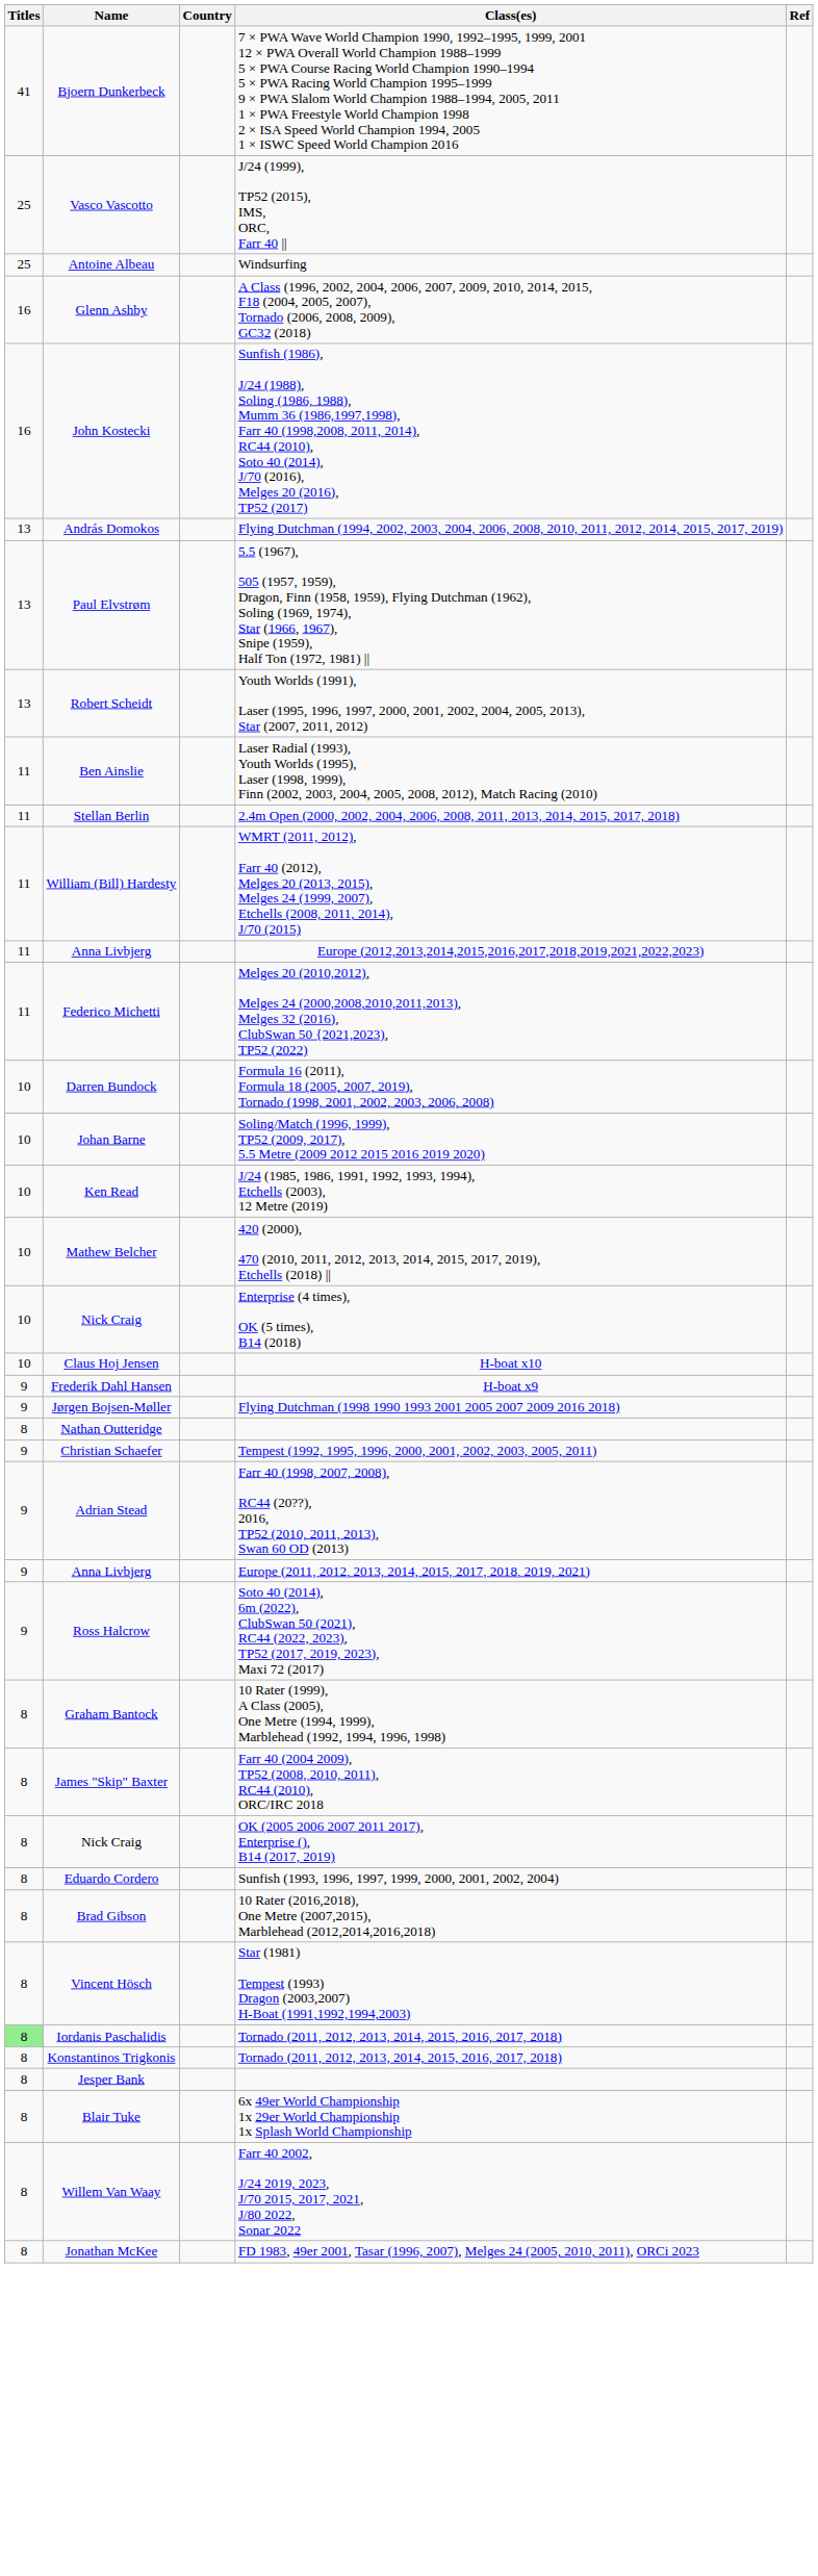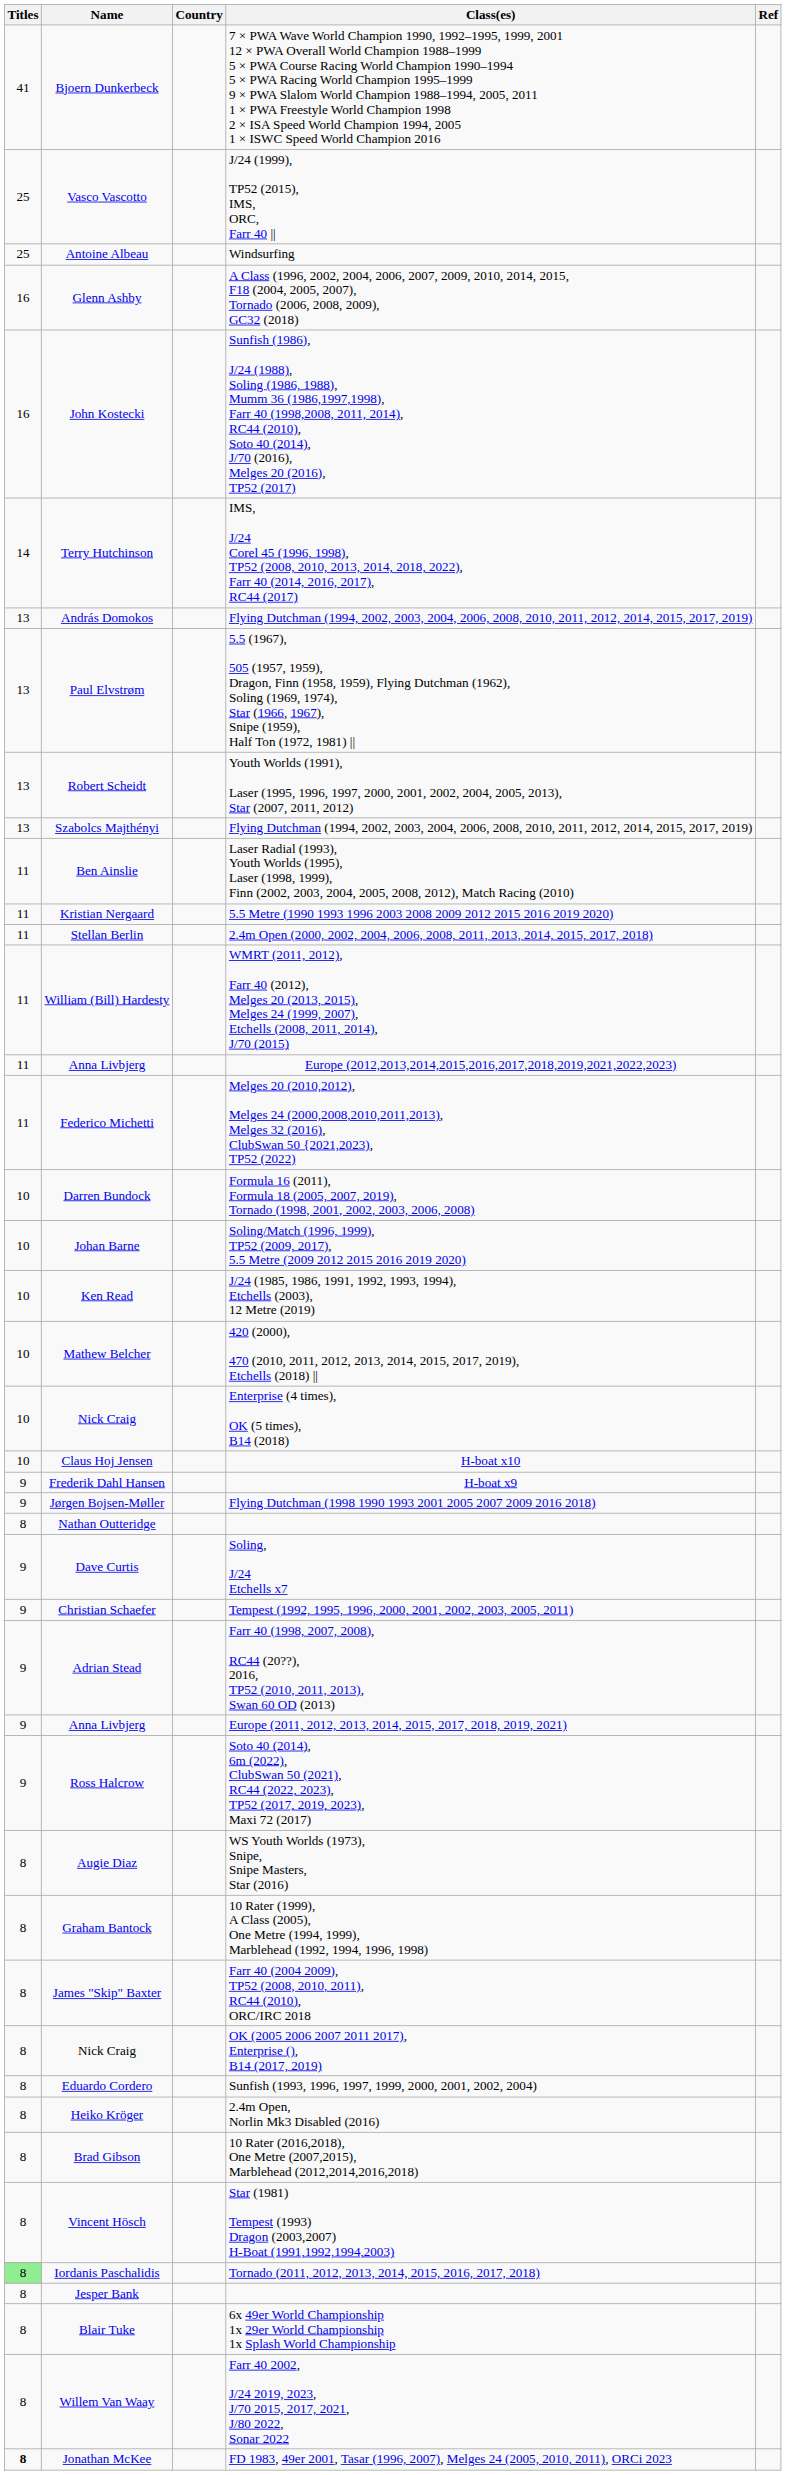 <table class="wikitable sortable" style="text-align:center;">
 <tr>
 <th>Titles</th>
 <th>Name</th>
 <th>Country</th>
 <th>Class(es)</th>
 <th>Ref</th>
 </tr>
 <tr>
 <td>41</td>
 <td><a href='#'>Bjoern Dunkerbeck</a></td>
 <td></td>
 <td align=left>7 × PWA Wave World Champion 1990, 1992–1995, 1999, 2001<br>12 × PWA Overall World Champion 1988–1999<br>5 × PWA Course Racing World Champion 1990–1994<br>5 × PWA Racing World Champion 1995–1999<br>9 × PWA Slalom World Champion 1988–1994, 2005, 2011<br>1 × PWA Freestyle World Champion 1998<br>2 × ISA Speed World Champion 1994, 2005<br>1 × ISWC Speed World Champion 2016</td>
 <td></td>
 </tr>
 <tr>
 <td>25</td>
 <td><a href='#'>Vasco Vascotto</a></td>
 <td></td>
 <td align=left>J/24 (1999),<br><br>TP52 (2015),<br> IMS,<br> ORC,<br> <a href='#'>Farr 40</a> || </td>
 </tr>
 <tr>
 <td>25</td>
 <td><a href='#'>Antoine Albeau</a></td>
 <td></td>
 <td align=left>Windsurfing</td>
 <td></td>
 </tr>
 <tr>
 <td>16</td>
 <td><a href='#'>Glenn Ashby</a></td>
 <td></td>
 <td align=left><a href='#'>A Class</a> (1996, 2002, 2004, 2006, 2007, 2009, 2010, 2014, 2015,<br><a href='#'>F18</a> (2004, 2005, 2007),<br><a href='#'>Tornado</a> (2006, 2008, 2009),<br><a href='#'>GC32</a> (2018)</td>
 <td></td>
 </tr>
 <tr>
 <td>16</td>
 <td><a href='#'>John Kostecki</a></td>
 <td></td>
 <td align=left><a href='#'>Sunfish (1986)</a>,<br><br><a href='#'>J/24 (1988)</a>,<br> <a href='#'>Soling (1986, 1988)</a>,<br> <a href='#'>Mumm 36 (1986,1997,1998)</a>,<br> <a href='#'>Farr 40 (1998,2008, 2011, 2014)</a>,<br> <a href='#'>RC44 (2010)</a>,<br> <a href='#'>Soto 40 (2014)</a>,<br> <a href='#'>J/70</a> (2016),<br> <a href='#'>Melges 20 (2016)</a>,<br> <a href='#'>TP52 (2017)</a></td>
 <td></td>
 </tr>
 <tr>
+<td>14</td>
+<td><a href='#'>Terry Hutchinson</a></td>
+<td></td>
+<td align=left>IMS,<br><br><a href='#'>J/24</a><br> <a href='#'>Corel 45 (1996, 1998)</a>,<br> <a href='#'>TP52 (2008, 2010, 2013, 2014, 2018, 2022)</a>,<br> <a href='#'>Farr 40 (2014, 2016, 2017)</a>,<br> <a href='#'>RC44 (2017)</a></td>
+<td></td>
+</tr>
+<tr>
 <td>13</td>
 <td><a href='#'>András Domokos</a></td>
 <td></td>
 <td align=left><a href='#'>Flying Dutchman (1994, 2002, 2003, 2004, 2006, 2008, 2010, 2011, 2012, 2014, 2015, 2017, 2019)</a></td>
 <td></td>
 </tr>
 <tr>
 <td>13</td>
 <td><a href='#'>Paul Elvstrøm</a></td>
 <td></td>
 <td align=left><a href='#'>5.5</a> (1967),<br><br><a href='#'>505</a> (1957, 1959),<br> Dragon,  Finn (1958, 1959),  Flying Dutchman (1962),<br> Soling (1969, 1974),<br> <a href='#'>Star</a> (<a href='#'>1966</a>, <a href='#'>1967</a>),<br>Snipe (1959),<br>Half Ton (1972, 1981) || </td>
 </tr>
 <tr>
 <td>13</td>
 <td><a href='#'>Robert Scheidt</a></td>
 <td></td>
 <td align=left>Youth Worlds (1991),<br><br>Laser (1995, 1996, 1997, 2000, 2001, 2002, 2004, 2005, 2013),<br> <a href='#'>Star</a> (2007, 2011, 2012)</td>
 <td></td>
 </tr>
 <tr>
+<td>13</td>
+<td><a href='#'>Szabolcs Majthényi</a></td>
+<td></td>
+<td align=left><a href='#'>Flying Dutchman</a> (1994, 2002, 2003, 2004, 2006, 2008, 2010, 2011, 2012, 2014, 2015, 2017, 2019)</td>
+<td></td>
+</tr>
+<tr>
 <td>11</td>
 <td><a href='#'>Ben Ainslie</a></td>
 <td></td>
 <td align=left>Laser Radial (1993),<br>Youth Worlds (1995),<br>Laser (1998, 1999),<br>Finn (2002, 2003, 2004, 2005, 2008, 2012), Match Racing (2010)</td>
+<td></td>
+</tr>
+<tr>
+<td>11</td>
+<td><a href='#'>Kristian Nergaard</a></td>
+<td></td>
+<td align=left><a href='#'>5.5 Metre (1990 1993 1996 2003 2008 2009 2012 2015 2016 2019 2020)</a></td>
 <td></td>
 </tr>
 <tr>
 <td>11</td>
 <td><a href='#'>Stellan Berlin</a></td>
 <td></td>
 <td align=left><a href='#'>2.4m Open (2000, 2002, 2004, 2006, 2008, 2011, 2013, 2014, 2015, 2017, 2018)</a></td>
 <td></td>
 </tr>
 <tr>
 <td>11</td>
 <td><a href='#'>William (Bill) Hardesty</a></td>
 <td></td>
 <td align=left><a href='#'>WMRT (2011, 2012)</a>,<br><br><a href='#'>Farr 40</a> (2012),<br> <a href='#'>Melges 20 (2013, 2015)</a>,<br> <a href='#'>Melges 24 (1999, 2007)</a>,<br> <a href='#'>Etchells (2008, 2011, 2014)</a>,<br> <a href='#'>J/70 (2015)</a></td>
 <td></td>
 </tr>
 <tr>
 <td>11</td>
 <td><a href='#'>Anna Livbjerg</a></td>
 <td></td>
 <td><a href='#'>Europe (2012,2013,2014,2015,2016,2017,2018,2019,2021,2022,2023)</a></td>
 <td></td>
 </tr>
 <tr>
 <td>11</td>
 <td><a href='#'>Federico Michetti</a></td>
 <td></td>
 <td align=left><a href='#'>Melges 20 (2010,2012)</a>,<br><br><a href='#'>Melges 24 (2000,2008,2010,2011,2013)</a>,<br> <a href='#'>Melges 32 (2016)</a>,<br> <a href='#'>ClubSwan 50 {2021,2023)</a>,<br> <a href='#'>TP52 (2022)</a></td>
 <td></td>
 </tr>
 <tr>
 <td>10</td>
 <td><a href='#'>Darren Bundock</a></td>
 <td></td>
 <td align=left><a href='#'>Formula 16</a> (2011),<br><a href='#'>Formula 18 (2005, 2007, 2019)</a>,<br><a href='#'>Tornado (1998, 2001, 2002, 2003, 2006, 2008)</a></td>
 <td></td>
 </tr>
 <tr>
 <td>10</td>
 <td><a href='#'>Johan Barne</a></td>
 <td></td>
 <td align=left><a href='#'>Soling/Match (1996, 1999)</a>,<br><a href='#'>TP52 (2009, 2017)</a>,<br><a href='#'>5.5 Metre (2009 2012 2015 2016 2019 2020)</a></td>
 <td></td>
 </tr>
 <tr>
 <td>10</td>
 <td><a href='#'>Ken Read</a></td>
 <td></td>
 <td align=left><a href='#'>J/24</a> (1985, 1986, 1991, 1992, 1993, 1994),<br><a href='#'>Etchells</a> (2003),<br>12 Metre (2019)</td>
 <td></td>
 </tr>
 <tr>
 <td>10</td>
 <td><a href='#'>Mathew Belcher</a></td>
 <td></td>
 <td align=left><a href='#'>420</a> (2000),<br><br><a href='#'>470</a> (2010, 2011, 2012, 2013, 2014, 2015, 2017, 2019),<br> <a href='#'>Etchells</a> (2018) || </td>
 </tr>
 <tr>
 <td>10</td>
 <td><a href='#'>Nick Craig</a></td>
 <td></td>
 <td align=left><a href='#'>Enterprise</a> (4 times),<br><br><a href='#'>OK</a> (5 times),<br> <a href='#'>B14</a> (2018)</td>
 <td></td>
 </tr>
 <tr>
 <td>10</td>
 <td><a href='#'>Claus Hoj Jensen</a></td>
 <td></td>
 <td><a href='#'>H-boat x10</a></td>
 <td></td>
 </tr>
 <tr>
 <td>9</td>
 <td><a href='#'>Frederik Dahl Hansen</a></td>
 <td></td>
 <td><a href='#'>H-boat x9</a></td>
 <td></td>
 </tr>
 <tr>
 <td>9</td>
 <td><a href='#'>Jørgen Bojsen-Møller</a></td>
 <td></td>
 <td align=left><a href='#'>Flying Dutchman (1998 1990 1993 2001 2005 2007 2009 2016 2018)</a></td>
 <td></td>
 </tr>
 <tr>
 <td>8</td>
 <td><a href='#'>Nathan Outteridge</a></td>
 <td></td>
 <td></td>
 <td></td>
 </tr>
 <tr>
 <td>9</td>
+<td><a href='#'>Dave Curtis</a></td>
+<td></td>
+<td align=left><a href='#'>Soling</a>,<br><br><a href='#'>J/24</a><br> <a href='#'>Etchells x7</a></td>
+<td></td>
+</tr>
+<tr>
+<td>9</td>
 <td><a href='#'>Christian Schaefer</a></td>
 <td></td>
 <td align=left><a href='#'>Tempest (1992, 1995, 1996, 2000, 2001, 2002, 2003, 2005, 2011)</a></td>
 <td></td>
 </tr>
 <tr>
 <td>9</td>
 <td><a href='#'>Adrian Stead</a></td>
 <td></td>
 <td align=left><a href='#'>Farr 40 (1998, 2007, 2008)</a>,<br><br><a href='#'>RC44</a> (20??),<br>2016,<br> <a href='#'>TP52 (2010, 2011, 2013)</a>,<br> <a href='#'>Swan 60 OD</a> (2013)</td>
 <td></td>
 </tr>
 <tr>
 <td>9</td>
 <td><a href='#'>Anna Livbjerg</a></td>
 <td></td>
 <td align=left><a href='#'>Europe (2011, 2012, 2013, 2014, 2015, 2017, 2018, 2019, 2021)</a></td>
 <td></td>
 </tr>
 <tr>
 <td>9</td>
 <td><a href='#'>Ross Halcrow</a></td>
 <td></td>
 <td align=left><a href='#'>Soto 40 (2014)</a>,<br> <a href='#'>6m (2022)</a>,<br> <a href='#'>ClubSwan 50 (2021)</a>,<br> <a href='#'>RC44 (2022, 2023)</a>,<br> <a href='#'>TP52 (2017, 2019, 2023)</a>,<br> Maxi 72 (2017)</td>
+<td></td>
+</tr>
+<tr>
+<td>8</td>
+<td><a href='#'>Augie Diaz</a></td>
+<td></td>
+<td align=left>WS Youth Worlds (1973),<br>Snipe,<br>Snipe Masters,<br>Star (2016)</td>
 <td></td>
 </tr>
 <tr>
 <td>8</td>
 <td><a href='#'>Graham Bantock</a></td>
 <td></td>
 <td align=left>10 Rater (1999),<br>A Class (2005),<br>One Metre (1994, 1999),<br>Marblehead (1992, 1994, 1996, 1998)</td>
 <td></td>
 </tr>
 <tr>
 <td>8</td>
 <td><a href='#'>James "Skip" Baxter</a></td>
 <td></td>
 <td align=left><a href='#'>Farr 40 (2004 2009)</a>,<br> <a href='#'>TP52 (2008, 2010, 2011)</a>,<br> <a href='#'>RC44 (2010)</a>,<br> ORC/IRC 2018</td>
 <td></td>
 </tr>
 <tr>
 <td>8</td>
 <td>Nick Craig</td>
 <td></td>
 <td align=left><a href='#'>OK (2005 2006 2007 2011 2017)</a>,<br><a href='#'>Enterprise ()</a>,<br><a href='#'>B14 (2017, 2019)</a></td>
 <td></td>
 </tr>
 <tr>
 <td>8</td>
 <td><a href='#'>Eduardo Cordero</a></td>
 <td></td>
 <td align=left>Sunfish (1993, 1996, 1997, 1999, 2000, 2001, 2002, 2004)</td>
 <td></td>
 </tr>
 <tr>
 <td>8</td>
+<td><a href='#'>Heiko Kröger</a></td>
+<td></td>
+<td align=left>2.4m Open,<br>Norlin Mk3 Disabled (2016)</td>
+<td></td>
+</tr>
+<tr>
+<td>8</td>
 <td><a href='#'>Brad Gibson</a></td>
 <td> <br> </td>
 <td align=left>10 Rater (2016,2018),<br>One Metre (2007,2015),<br>Marblehead (2012,2014,2016,2018)</td>
 <td></td>
 </tr>
 <tr>
 <td>8</td>
 <td><a href='#'>Vincent Hösch</a></td>
 <td></td>
 <td align=left><a href='#'>Star</a> (1981)<br><br><a href='#'>Tempest</a> (1993) <br> <a href='#'>Dragon</a> (2003,2007) <br> <a href='#'>H-Boat (1991,1992,1994,2003)</a><br></td>
 <td></td>
 </tr>
 <tr>
 <td style="background: lightgreen;">8</td>
 <td><a href='#'>Iordanis Paschalidis</a></td>
-<td></td>
-<td align=left><a href='#'>Tornado (2011, 2012, 2013, 2014, 2015, 2016, 2017, 2018)</a></td>
-<td></td>
-</tr>
-<tr>
-<td>8</td>
-<td><a href='#'>Konstantinos Trigkonis</a></td>
 <td></td>
 <td align=left><a href='#'>Tornado (2011, 2012, 2013, 2014, 2015, 2016, 2017, 2018)</a></td>
 <td></td>
 </tr>
 <tr>
 <td>8</td>
 <td><a href='#'>Jesper Bank</a></td>
 <td></td>
 <td align=left></td>
 <td></td>
 </tr>
 <tr>
 <td>8</td>
 <td><a href='#'>Blair Tuke</a></td>
 <td></td>
 <td align=left>6x <a href='#'>49er World Championship</a><br>1x <a href='#'>29er World Championship</a><br>1x <a href='#'>Splash World Championship</a></td>
 <td></td>
 </tr>
 <tr>
 <td>8</td>
 <td><a href='#'>Willem Van Waay</a></td>
 <td></td>
 <td align=left><a href='#'>Farr 40 2002</a>,<br><br><a href='#'>J/24 2019, 2023</a>,<br> <a href='#'>J/70 2015, 2017, 2021</a>,<br> <a href='#'>J/80 2022</a>,<br> <a href='#'>Sonar 2022</a></td>
 <td></td>
 </tr>
 <tr>
-<td>8</td>
+<td><strong>8</strong></td>
 <td><a href='#'>Jonathan McKee</a></td>
 <td></td>
 <td align=left><a href='#'>FD 1983</a>, <a href='#'>49er 2001</a>, <a href='#'>Tasar (1996, 2007)</a>, <a href='#'>Melges 24 (2005, 2010, 2011)</a>, <a href='#'>ORCi 2023</a></td>
 <td></td>
 </tr>
 </table>
